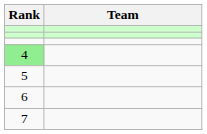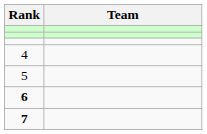 <table class="wikitable" style="text-align: center;">
 <tr>
 <th width=40>Rank</th>
 <th width=180>Team</th>
 </tr>
 <tr bgcolor=#ccffcc>
 <td></td>
 <td align=left></td>
 </tr>
 <tr bgcolor=#ccffcc>
 <td></td>
 <td align=left></td>
 </tr>
 <tr>
 <td></td>
 <td align=left></td>
 </tr>
 <tr>
-<td style="background: lightgreen;">4</td>
+<td>4</td>
 <td align=left></td>
 </tr>
 <tr>
 <td>5</td>
 <td align=left></td>
 </tr>
 <tr>
-<td>6</td>
+<td><strong>6</strong></td>
 <td align=left></td>
 </tr>
 <tr>
-<td>7</td>
+<td><strong>7</strong></td>
 <td align=left></td>
 </tr>
 </table>
